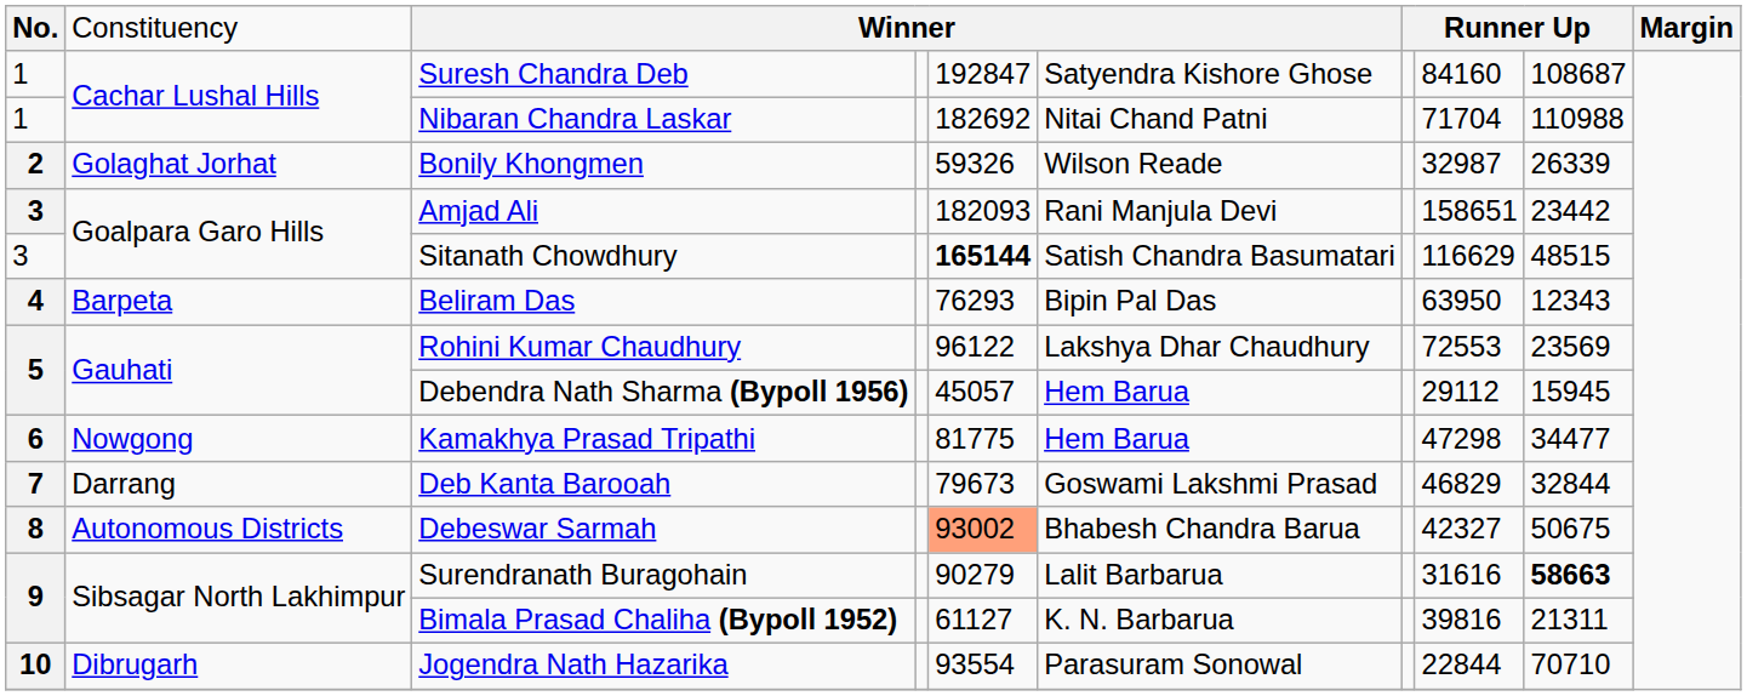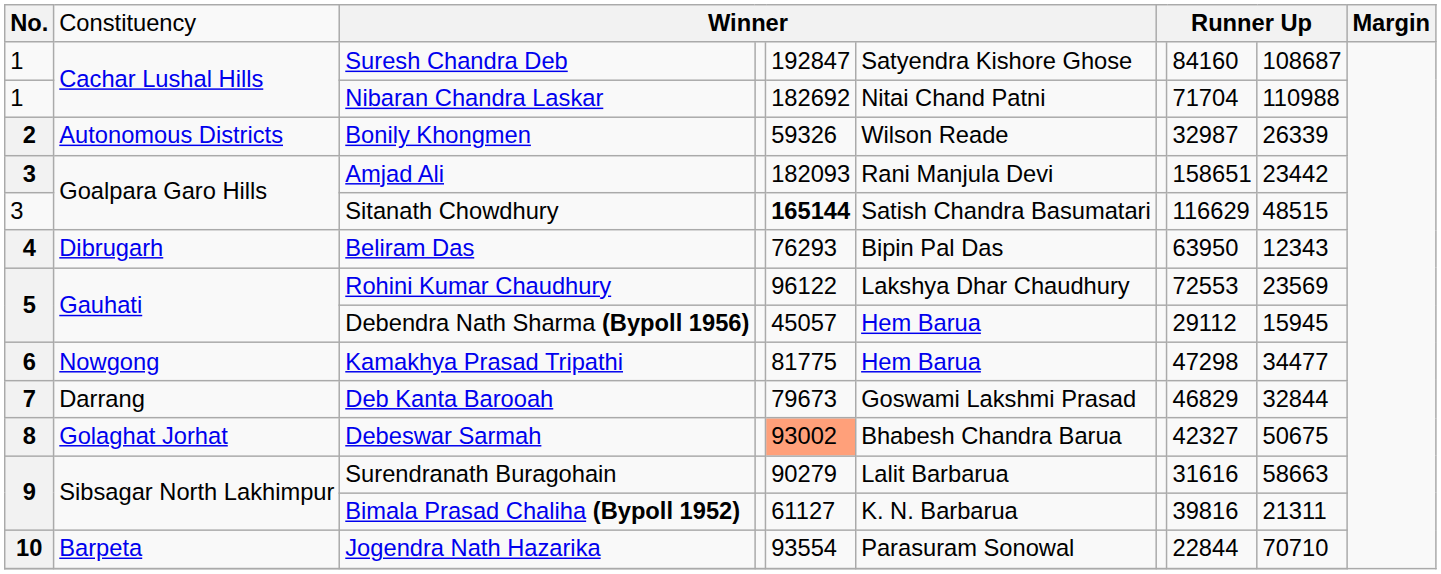 <table class="wikitable sortable">
 <tr>
 <th>No.</th>
 <td>Constituency</td>
 <th colspan="4">Winner</th>
 <th colspan="4">Runner Up</th>
 <th rowspan="1">Margin</th>
 </tr>
 <tr>
 <td>1</td>
 <td rowspan="2"><a href='#'>Cachar Lushal Hills</a></td>
 <td><a href='#'>Suresh Chandra Deb</a></td>
 <td></td>
 <td>192847</td>
 <td>Satyendra Kishore Ghose</td>
 <td></td>
 <td>84160</td>
 <td style="background:">108687</td>
 </tr>
 <tr>
 <td>1</td>
 <td><a href='#'>Nibaran Chandra Laskar</a></td>
 <td></td>
 <td>182692</td>
 <td>Nitai Chand Patni</td>
 <td></td>
 <td>71704</td>
 <td style="background:">110988</td>
 </tr>
 <tr>
 <th>2</th>
-<td><a href='#'>Golaghat Jorhat</a></td>
+<td><a href='#'>Autonomous Districts</a></td>
 <td><a href='#'>Bonily Khongmen</a></td>
 <td></td>
 <td>59326</td>
 <td>Wilson Reade</td>
 <td></td>
 <td>32987</td>
 <td style="background:">26339</td>
 </tr>
 <tr>
 <th>3</th>
 <td rowspan=2>Goalpara Garo Hills</td>
 <td><a href='#'>Amjad Ali</a></td>
 <td></td>
 <td>182093</td>
 <td>Rani Manjula Devi</td>
 <td></td>
 <td>158651</td>
 <td style="background:">23442</td>
 </tr>
 <tr>
 <td>3</td>
 <td>Sitanath Chowdhury</td>
 <td></td>
 <td><strong>165144</strong></td>
 <td>Satish Chandra Basumatari</td>
 <td></td>
 <td>116629</td>
 <td style="background:">48515</td>
 </tr>
 <tr>
 <th>4</th>
-<td><a href='#'>Barpeta</a></td>
+<td><a href='#'>Dibrugarh</a></td>
 <td><a href='#'>Beliram Das</a></td>
 <td></td>
 <td>76293</td>
 <td>Bipin Pal Das</td>
 <td></td>
 <td>63950</td>
 <td style="background:">12343</td>
 </tr>
 <tr>
 <th rowspan="2">5</th>
 <td rowspan="2"><a href='#'>Gauhati</a></td>
 <td><a href='#'>Rohini Kumar Chaudhury</a></td>
 <td></td>
 <td>96122</td>
 <td>Lakshya Dhar Chaudhury</td>
 <td></td>
 <td>72553</td>
 <td style="background:">23569</td>
 </tr>
 <tr>
 <td>Debendra Nath Sharma <strong>(Bypoll 1956)</strong></td>
 <td></td>
 <td>45057</td>
 <td><a href='#'>Hem Barua</a></td>
 <td></td>
 <td>29112</td>
 <td style="background:">15945</td>
 </tr>
 <tr>
 <th>6</th>
 <td><a href='#'>Nowgong</a></td>
 <td><a href='#'>Kamakhya Prasad Tripathi</a></td>
 <td></td>
 <td>81775</td>
 <td><a href='#'>Hem Barua</a></td>
 <td></td>
 <td>47298</td>
 <td style="background:">34477</td>
 </tr>
 <tr>
 <th>7</th>
 <td>Darrang</td>
 <td><a href='#'>Deb Kanta Barooah</a></td>
 <td></td>
 <td>79673</td>
 <td>Goswami Lakshmi Prasad</td>
 <td></td>
 <td>46829</td>
 <td style="background:">32844</td>
 </tr>
 <tr>
 <th>8</th>
-<td><a href='#'>Autonomous Districts</a></td>
+<td><a href='#'>Golaghat Jorhat</a></td>
 <td><a href='#'>Debeswar Sarmah</a></td>
 <td></td>
 <td style="background: lightsalmon;">93002</td>
 <td>Bhabesh Chandra Barua</td>
 <td></td>
 <td>42327</td>
 <td style="background:">50675</td>
 </tr>
 <tr>
 <th rowspan="2">9</th>
 <td rowspan="2">Sibsagar North Lakhimpur</td>
 <td>Surendranath Buragohain</td>
 <td></td>
 <td>90279</td>
 <td>Lalit Barbarua</td>
 <td></td>
 <td>31616</td>
-<td style="background:"><strong>58663</strong></td>
+<td style="background:">58663</td>
 </tr>
 <tr>
 <td><a href='#'>Bimala Prasad Chaliha</a> <strong>(Bypoll 1952)</strong></td>
 <td></td>
 <td>61127</td>
 <td>K. N. Barbarua</td>
 <td></td>
 <td>39816</td>
 <td style="background:">21311</td>
 </tr>
 <tr>
 <th>10</th>
-<td><a href='#'>Dibrugarh</a></td>
+<td><a href='#'>Barpeta</a></td>
 <td><a href='#'>Jogendra Nath Hazarika</a></td>
 <td></td>
 <td>93554</td>
 <td>Parasuram Sonowal</td>
 <td></td>
 <td>22844</td>
 <td style="background:">70710</td>
 </tr>
 <tr>
 </tr>
 </table>
